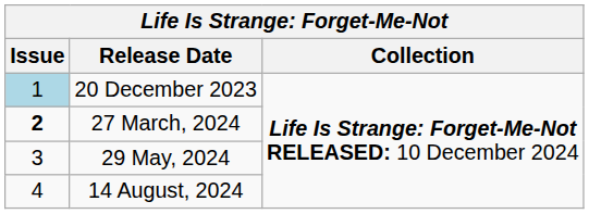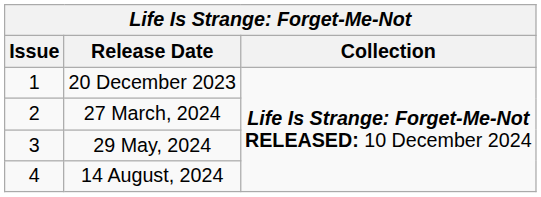 <table class="wikitable" style="text-align: center">
 <tr>
 <th colspan=3><strong><em>Life Is Strange: Forget-Me-Not</em></strong></th>
 </tr>
 <tr>
 <th>Issue</th>
 <th>Release Date</th>
 <th>Collection</th>
 </tr>
 <tr>
-<td style="background: lightblue;">1</td>
+<td>1</td>
 <td>20 December 2023</td>
 <td rowspan="4"><strong><em>Life Is Strange: Forget-Me-Not</em></strong><br><span><strong>RELEASED:</strong> 10 December 2024<br></span></td>
 </tr>
 <tr>
-<td><strong>2</strong></td>
+<td>2</td>
 <td>27 March, 2024</td>
 </tr>
 <tr>
 <td>3</td>
 <td>29 May, 2024</td>
 </tr>
 <tr>
 <td>4</td>
 <td>14 August, 2024</td>
 </tr>
 </table>
